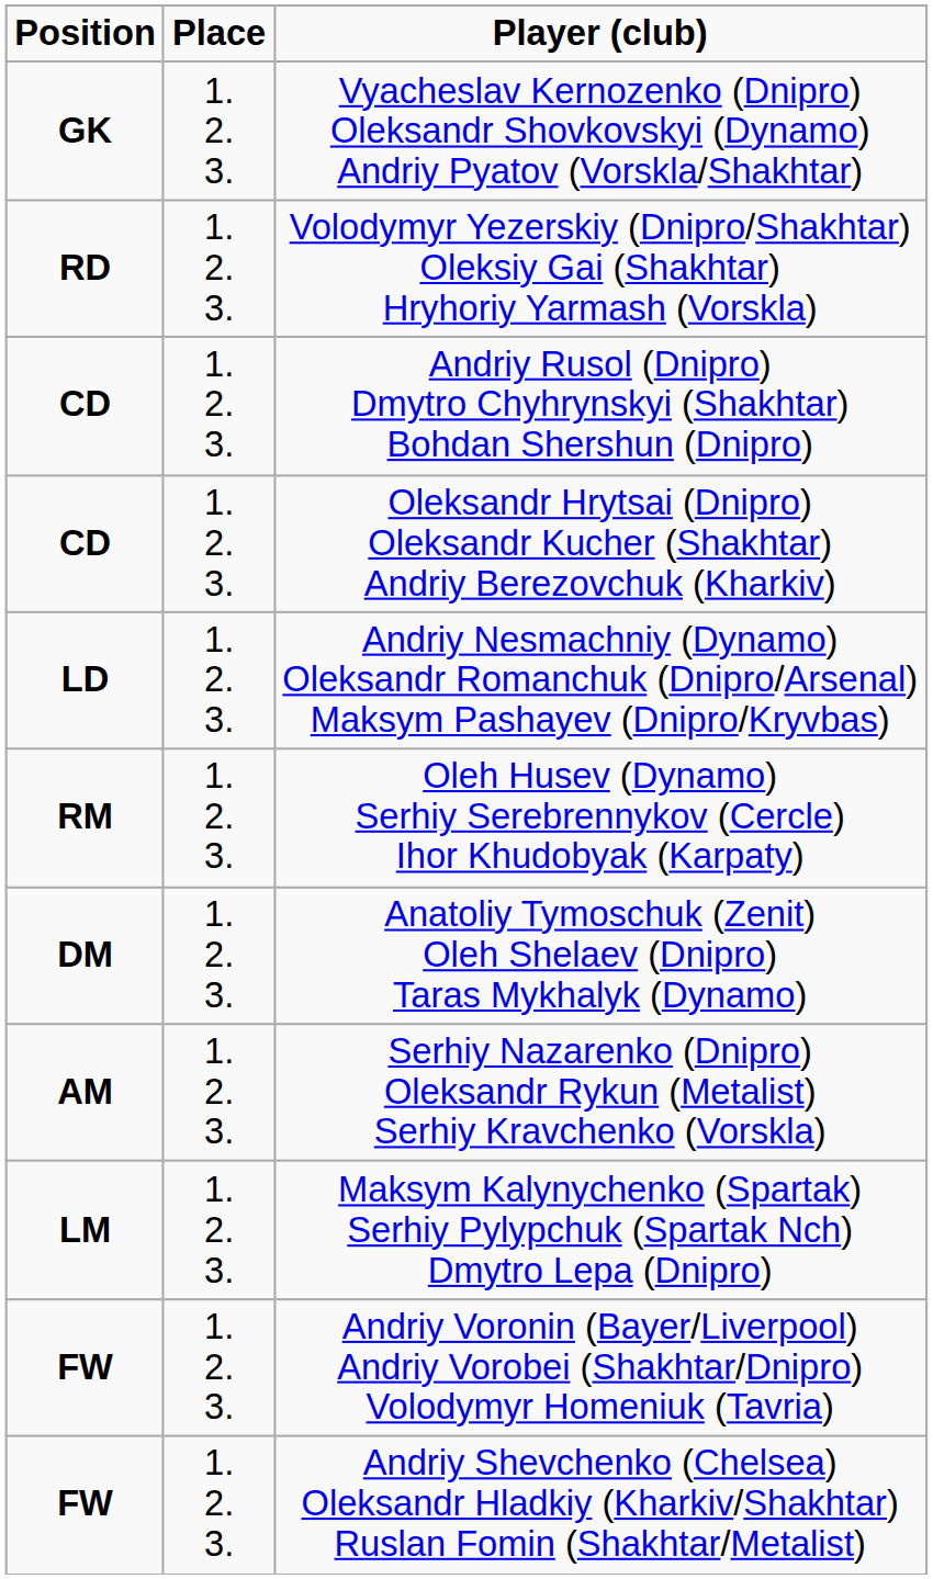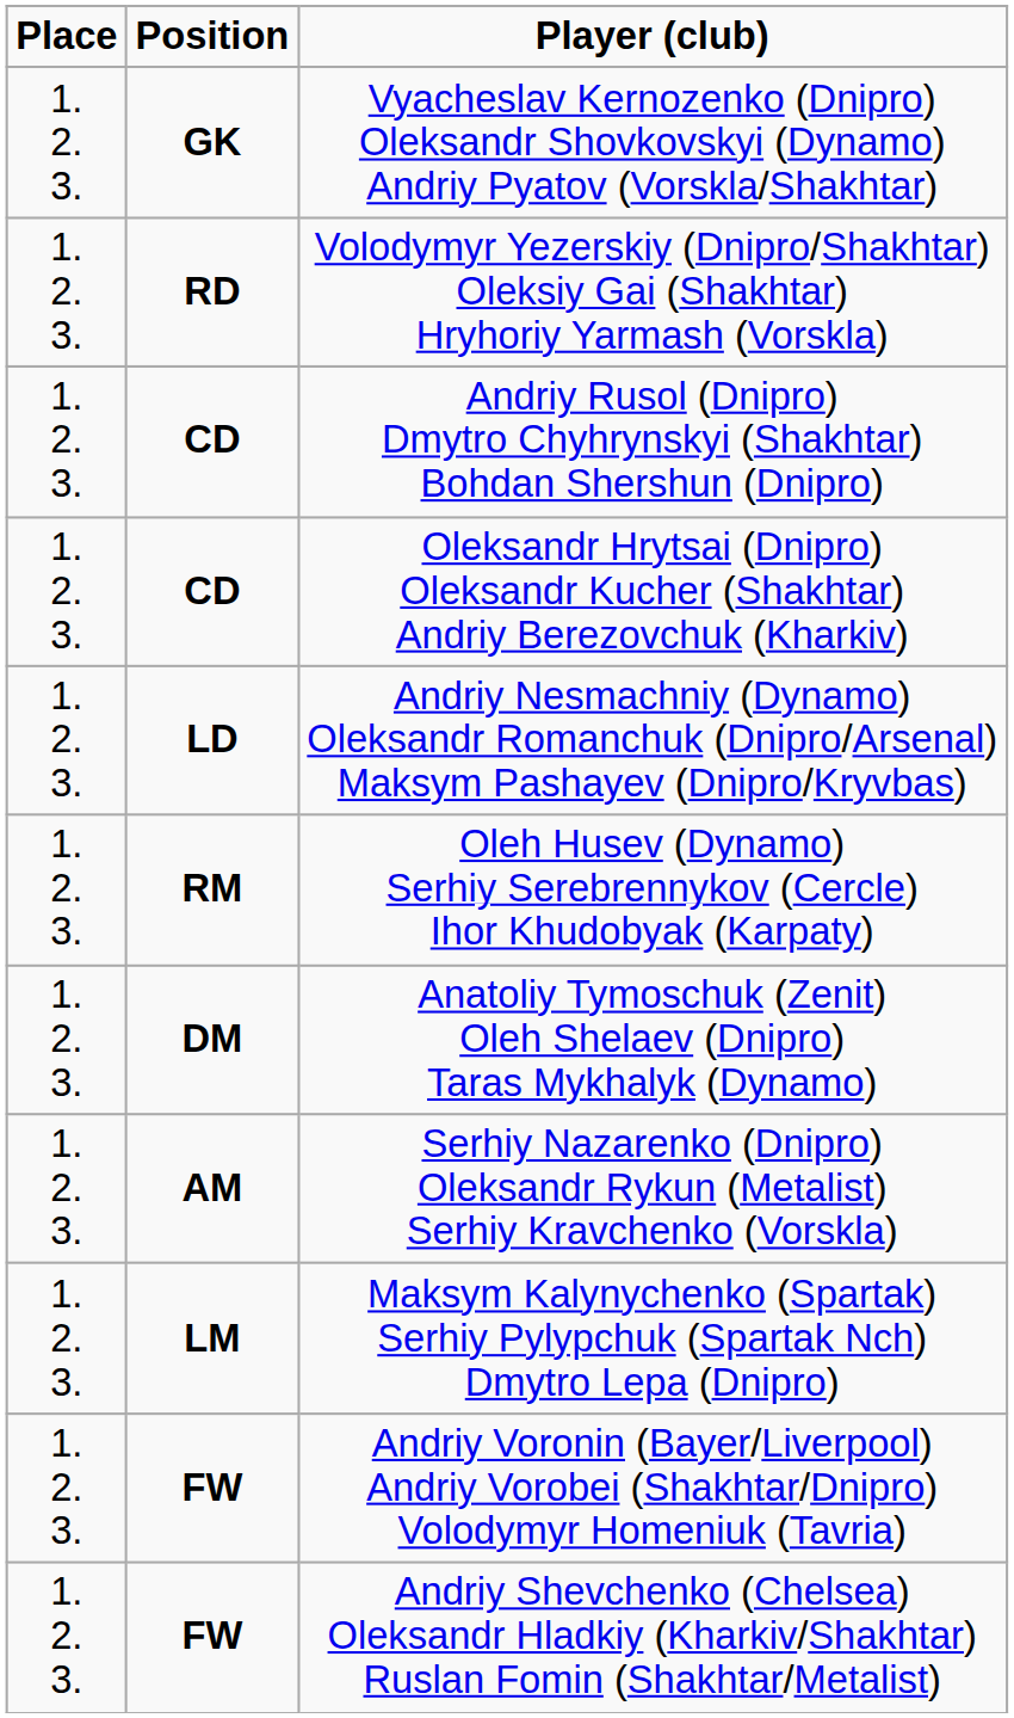 <table class="wikitable" style="text-align:center;margin-left:1em;">
 <tr>
+<td align="center"><strong>Place</strong></td>
 <td align="center"><strong>Position</strong></td>
-<td align="center"><strong>Place</strong></td>
 <td align="center"><strong>Player (club)</strong></td>
 </tr>
 <tr>
+<td align="center">1.<br>2.<br>3.</td>
 <td align="center"><strong>GK</strong></td>
-<td align="center">1.<br>2.<br>3.</td>
 <td align="center"><a href='#'>Vyacheslav Kernozenko</a> (<a href='#'>Dnipro</a>)<br> <a href='#'>Oleksandr Shovkovskyi</a> (<a href='#'>Dynamo</a>)<br> <a href='#'>Andriy Pyatov</a> (<a href='#'>Vorskla</a>/<a href='#'>Shakhtar</a>)</td>
 </tr>
 <tr>
+<td align="center">1.<br>2.<br>3.</td>
 <td align="center"><strong>RD</strong></td>
-<td align="center">1.<br>2.<br>3.</td>
 <td align="center"><a href='#'>Volodymyr Yezerskiy</a> (<a href='#'>Dnipro</a>/<a href='#'>Shakhtar</a>)<br> <a href='#'>Oleksiy Gai</a> (<a href='#'>Shakhtar</a>)<br> <a href='#'>Hryhoriy Yarmash</a> (<a href='#'>Vorskla</a>)</td>
 </tr>
 <tr>
+<td align="center">1.<br>2.<br>3.</td>
 <td align="center"><strong>CD</strong></td>
-<td align="center">1.<br>2.<br>3.</td>
 <td align="center"><a href='#'>Andriy Rusol</a> (<a href='#'>Dnipro</a>)<br> <a href='#'>Dmytro Chyhrynskyi</a> (<a href='#'>Shakhtar</a>)<br> <a href='#'>Bohdan Shershun</a> (<a href='#'>Dnipro</a>)</td>
 </tr>
 <tr>
+<td align="center">1.<br>2.<br>3.</td>
 <td align="center"><strong>CD</strong></td>
-<td align="center">1.<br>2.<br>3.</td>
 <td align="center"><a href='#'>Oleksandr Hrytsai</a> (<a href='#'>Dnipro</a>)<br> <a href='#'>Oleksandr Kucher</a> (<a href='#'>Shakhtar</a>)<br> <a href='#'>Andriy Berezovchuk</a> (<a href='#'>Kharkiv</a>)</td>
 </tr>
 <tr>
+<td align="center">1.<br>2.<br>3.</td>
 <td align="center"><strong>LD</strong></td>
-<td align="center">1.<br>2.<br>3.</td>
 <td align="center"><a href='#'>Andriy Nesmachniy</a> (<a href='#'>Dynamo</a>)<br> <a href='#'>Oleksandr Romanchuk</a> (<a href='#'>Dnipro</a>/<a href='#'>Arsenal</a>)<br> <a href='#'>Maksym Pashayev</a> (<a href='#'>Dnipro</a>/<a href='#'>Kryvbas</a>)</td>
 </tr>
 <tr>
+<td align="center">1.<br>2.<br>3.</td>
 <td align="center"><strong>RM</strong></td>
-<td align="center">1.<br>2.<br>3.</td>
 <td align="center"><a href='#'>Oleh Husev</a> (<a href='#'>Dynamo</a>)<br> <a href='#'>Serhiy Serebrennykov</a> (<a href='#'>Cercle</a>)<br> <a href='#'>Ihor Khudobyak</a> (<a href='#'>Karpaty</a>)</td>
 </tr>
 <tr>
+<td align="center">1.<br>2.<br>3.</td>
 <td align="center"><strong>DM</strong></td>
-<td align="center">1.<br>2.<br>3.</td>
 <td align="center"><a href='#'>Anatoliy Tymoschuk</a> (<a href='#'>Zenit</a>)<br> <a href='#'>Oleh Shelaev</a> (<a href='#'>Dnipro</a>)<br> <a href='#'>Taras Mykhalyk</a> (<a href='#'>Dynamo</a>)</td>
 </tr>
 <tr>
+<td align="center">1.<br>2.<br>3.</td>
 <td align="center"><strong>AM</strong></td>
-<td align="center">1.<br>2.<br>3.</td>
 <td align="center"><a href='#'>Serhiy Nazarenko</a> (<a href='#'>Dnipro</a>)<br> <a href='#'>Oleksandr Rykun</a> (<a href='#'>Metalist</a>)<br> <a href='#'>Serhiy Kravchenko</a> (<a href='#'>Vorskla</a>)</td>
 </tr>
 <tr>
+<td align="center">1.<br>2.<br>3.</td>
 <td align="center"><strong>LM</strong></td>
-<td align="center">1.<br>2.<br>3.</td>
 <td align="center"><a href='#'>Maksym Kalynychenko</a> (<a href='#'>Spartak</a>)<br> <a href='#'>Serhiy Pylypchuk</a> (<a href='#'>Spartak Nch</a>)<br> <a href='#'>Dmytro Lepa</a> (<a href='#'>Dnipro</a>)</td>
 </tr>
 <tr>
+<td align="center">1.<br>2.<br>3.</td>
 <td align="center"><strong>FW</strong></td>
-<td align="center">1.<br>2.<br>3.</td>
 <td align="center"><a href='#'>Andriy Voronin</a> (<a href='#'>Bayer</a>/<a href='#'>Liverpool</a>)<br> <a href='#'>Andriy Vorobei</a> (<a href='#'>Shakhtar</a>/<a href='#'>Dnipro</a>)<br> <a href='#'>Volodymyr Homeniuk</a> (<a href='#'>Tavria</a>)</td>
 </tr>
 <tr>
+<td align="center">1.<br>2.<br>3.</td>
 <td align="center"><strong>FW</strong></td>
-<td align="center">1.<br>2.<br>3.</td>
 <td align="center"><a href='#'>Andriy Shevchenko</a> (<a href='#'>Chelsea</a>)<br> <a href='#'>Oleksandr Hladkiy</a> (<a href='#'>Kharkiv</a>/<a href='#'>Shakhtar</a>)<br> <a href='#'>Ruslan Fomin</a> (<a href='#'>Shakhtar</a>/<a href='#'>Metalist</a>)</td>
 </tr>
 </table>
